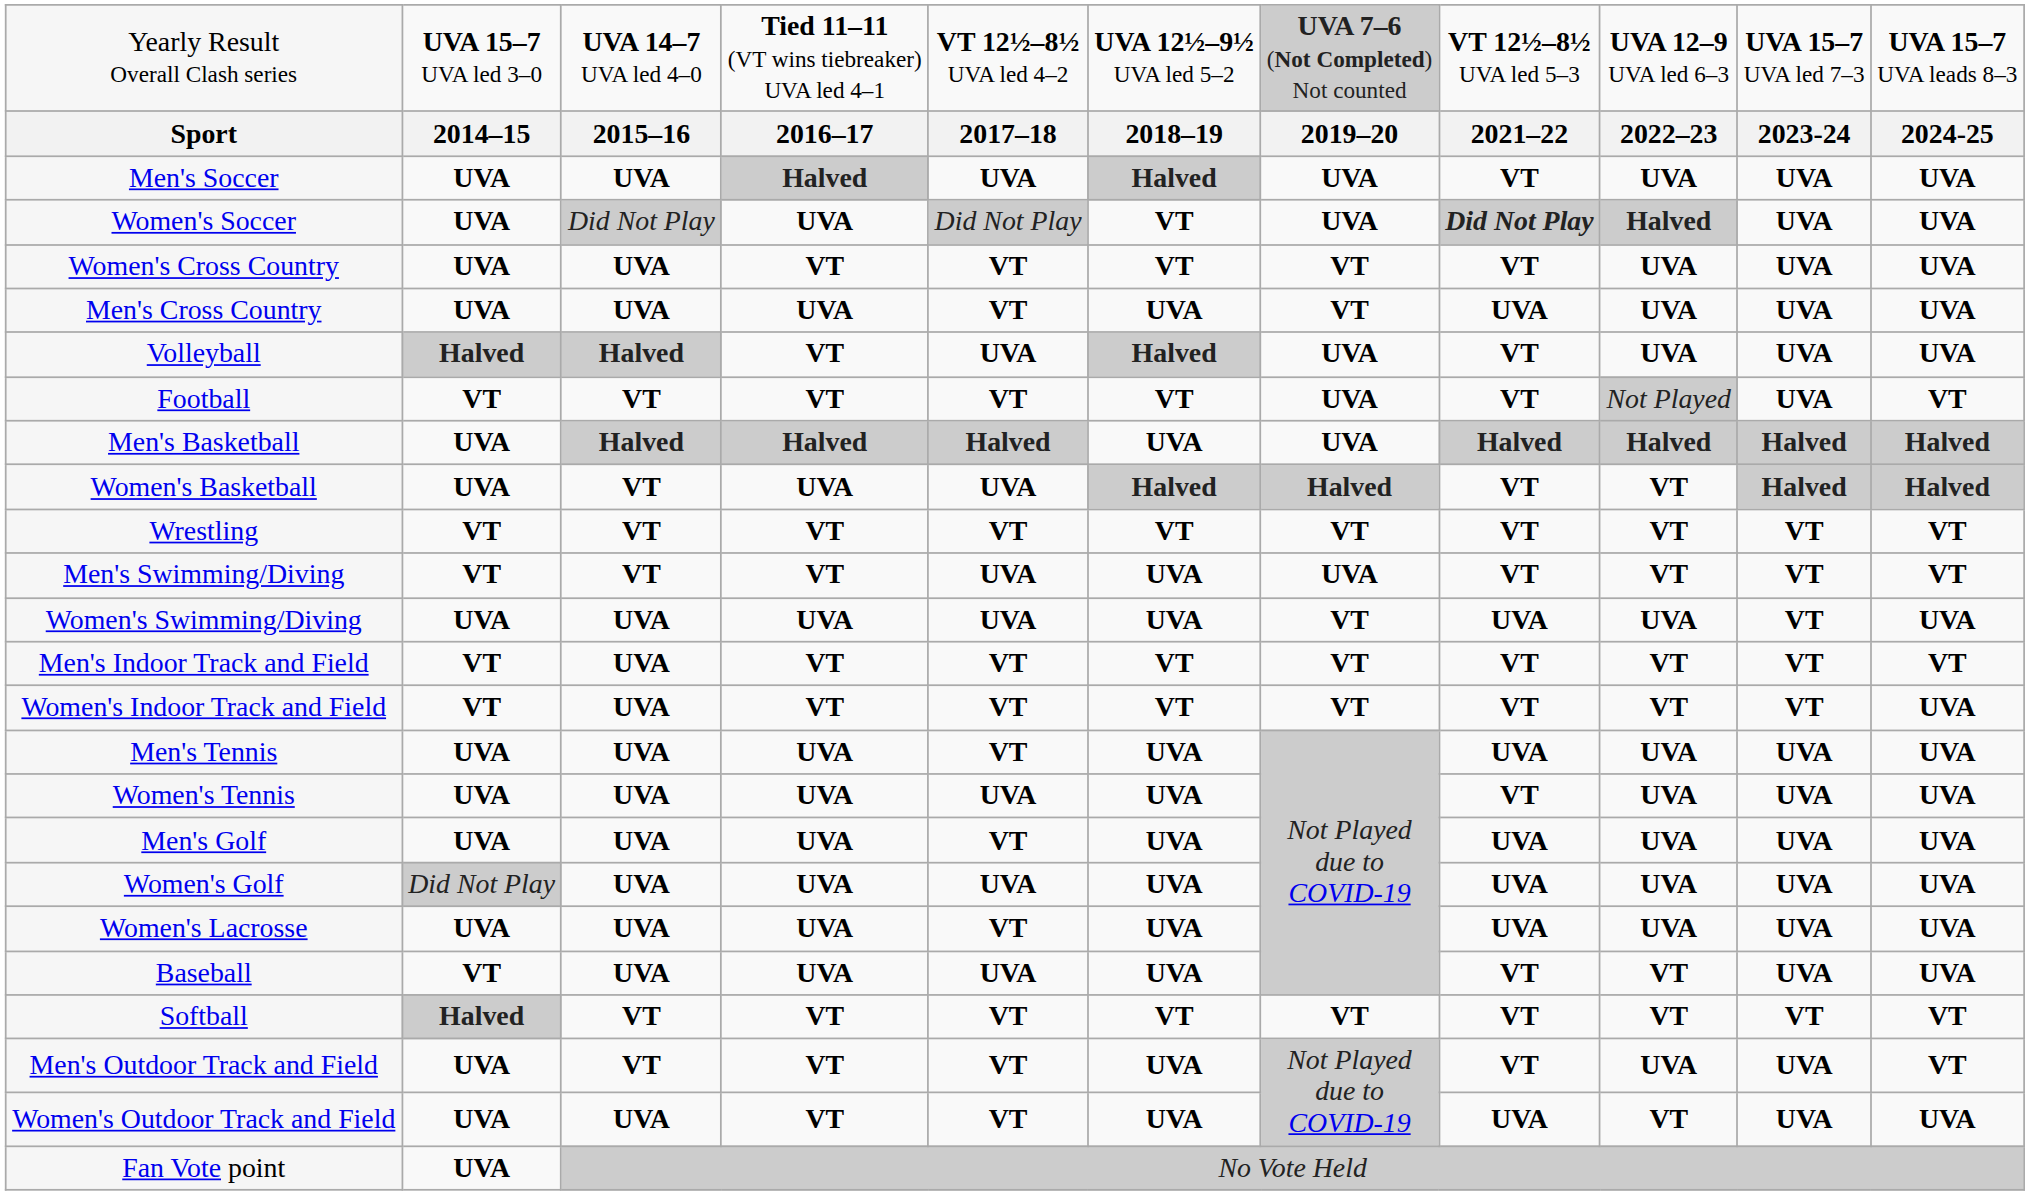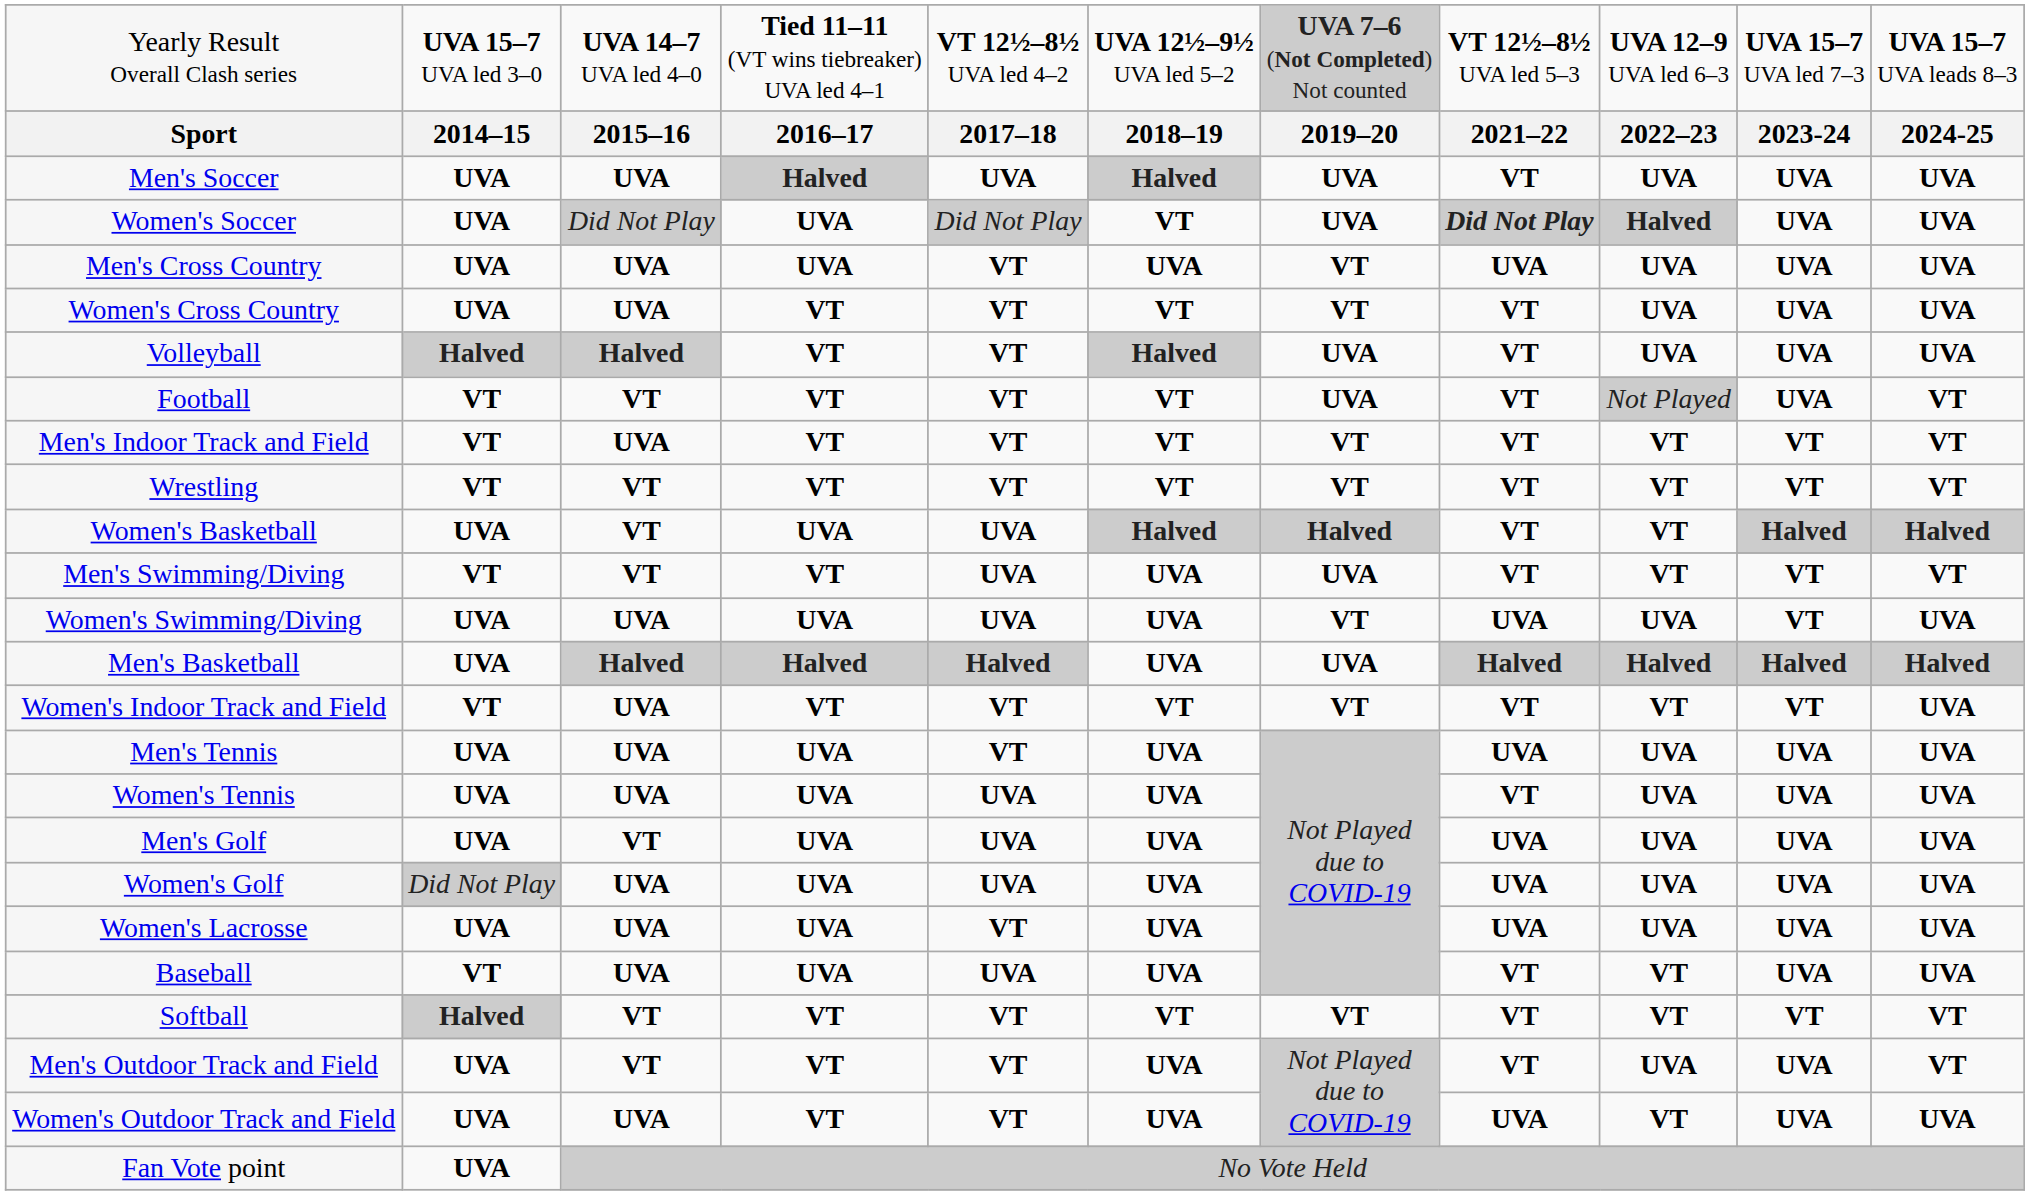 <table class="wikitable" style="margin-left: 1em; margin-bottom: 1em; text-align: center">
 <tr>
 <td style="background: #f6f6f6;">Yearly Result <br><small>Overall Clash series</small></td>
 <td><strong>UVA 15–7</strong><br><small>UVA led 3–0</small></td>
 <td><strong>UVA 14–7</strong><br><small>UVA led 4–0</small></td>
 <td><strong>Tied 11–11</strong><br><small>(VT wins tiebreaker)<br>UVA led 4–1</small></td>
 <td><strong>VT 12½–8½</strong><br><small>UVA led 4–2</small></td>
 <td><strong>UVA 12½–9½</strong><br><small>UVA led 5–2</small></td>
 <td style="background: #cccccc; color:#222"><strong>UVA 7–6</strong><br><small>(<strong>Not Completed</strong>)</small><br><small>Not counted</small></td>
 <td><strong>VT 12½–8½</strong><br><small>UVA led 5–3</small></td>
 <td><strong>UVA 12–9</strong><br><small>UVA led 6–3</small></td>
 <td><strong>UVA 15–7</strong><br><small>UVA led 7–3</small></td>
 <td><strong>UVA 15–7</strong><br><small>UVA leads 8–3</small></td>
 </tr>
 <tr>
 <th>Sport</th>
 <th>2014–15</th>
 <th>2015–16</th>
 <th>2016–17</th>
 <th>2017–18</th>
 <th>2018–19</th>
 <th>2019–20</th>
 <th>2021–22</th>
 <th>2022–23</th>
 <th>2023-24</th>
 <th>2024-25</th>
 </tr>
 <tr>
 <td style="background: #f6f6f6;"><a href='#'>Men's Soccer</a></td>
 <td><strong>UVA</strong></td>
 <td><strong>UVA</strong></td>
 <td style="background: #cccccc; color:#222222"><strong>Halved</strong></td>
 <td><strong>UVA</strong></td>
 <td style="background: #cccccc; color:#222222"><strong>Halved</strong></td>
 <td><strong>UVA</strong></td>
 <td><strong>VT</strong></td>
 <td><strong>UVA</strong></td>
 <td><strong>UVA</strong></td>
 <td><strong>UVA</strong></td>
 </tr>
 <tr>
 <td style="background: #f6f6f6;"><a href='#'>Women's Soccer</a></td>
 <td><strong>UVA</strong></td>
 <td style="background: #cccccc; color:#222"><em>Did Not Play</em></td>
 <td><strong>UVA</strong></td>
 <td style="background: #cccccc; color:#222"><em>Did Not Play</em></td>
 <td><strong>VT</strong></td>
 <td><strong>UVA</strong></td>
 <td style="background: #cccccc; color:#222"><strong><em>Did Not Play</em></strong></td>
 <td style="background: #cccccc; color:#222222"><strong>Halved</strong></td>
 <td><strong>UVA</strong></td>
 <td><strong>UVA</strong></td>
 </tr>
 <tr>
+<td style="background: #f6f6f6;"><a href='#'>Men's Cross Country</a></td>
+<td><strong>UVA</strong></td>
+<td><strong>UVA</strong></td>
+<td><strong>UVA</strong></td>
+<td><strong>VT</strong></td>
+<td><strong>UVA</strong></td>
+<td><strong>VT</strong></td>
+<td><strong>UVA</strong></td>
+<td><strong>UVA</strong></td>
+<td><strong>UVA</strong></td>
+<td><strong>UVA</strong></td>
+</tr>
+<tr>
 <td style="background: #f6f6f6;"><a href='#'>Women's Cross Country</a></td>
 <td><strong>UVA</strong></td>
 <td><strong>UVA</strong></td>
 <td><strong>VT</strong></td>
 <td><strong>VT</strong></td>
 <td><strong>VT</strong></td>
 <td><strong>VT</strong></td>
 <td><strong>VT</strong></td>
 <td><strong>UVA</strong></td>
 <td><strong>UVA</strong></td>
 <td><strong>UVA</strong></td>
 </tr>
 <tr>
-<td style="background: #f6f6f6;"><a href='#'>Men's Cross Country</a></td>
-<td><strong>UVA</strong></td>
-<td><strong>UVA</strong></td>
-<td><strong>UVA</strong></td>
-<td><strong>VT</strong></td>
-<td><strong>UVA</strong></td>
-<td><strong>VT</strong></td>
-<td><strong>UVA</strong></td>
-<td><strong>UVA</strong></td>
-<td><strong>UVA</strong></td>
-<td><strong>UVA</strong></td>
-</tr>
-<tr>
 <td style="background: #f6f6f6;"><a href='#'>Volleyball</a></td>
 <td style="background: #cccccc; color:#222222"><strong>Halved</strong></td>
 <td style="background: #cccccc; color:#222222"><strong>Halved</strong></td>
 <td><strong>VT</strong></td>
-<td><strong>UVA</strong></td>
+<td><strong>VT</strong></td>
 <td style="background: #cccccc; color:#222222"><strong>Halved</strong></td>
 <td><strong>UVA</strong></td>
 <td><strong>VT</strong></td>
 <td><strong>UVA</strong></td>
 <td><strong>UVA</strong></td>
 <td><strong>UVA</strong></td>
 </tr>
 <tr>
 <td style="background: #f6f6f6;"><a href='#'>Football</a></td>
 <td><strong>VT</strong></td>
 <td><strong>VT</strong></td>
 <td><strong>VT</strong></td>
 <td><strong>VT</strong></td>
 <td><strong>VT</strong></td>
 <td><strong>UVA</strong></td>
 <td><strong>VT</strong></td>
 <td style="background: #cccccc; color:#222222"><em>Not Played</em></td>
 <td><strong>UVA</strong></td>
 <td><strong>VT</strong></td>
 </tr>
 <tr>
-<td style="background: #f6f6f6;"><a href='#'>Men's Basketball</a></td>
+<td style="background: #f6f6f6;"><a href='#'>Men's Indoor Track and Field</a></td>
+<td><strong>VT</strong></td>
 <td><strong>UVA</strong></td>
-<td style="background: #cccccc; color:#222222"><strong>Halved</strong></td>
-<td style="background: #cccccc; color:#222222"><strong>Halved</strong></td>
-<td style="background: #cccccc; color:#222222"><strong>Halved</strong></td>
-<td><strong>UVA</strong></td>
-<td><strong>UVA</strong></td>
-<td style="background: #cccccc; color:#222222"><strong>Halved</strong></td>
-<td style="background: #cccccc; color:#222222"><strong>Halved</strong></td>
-<td style="background: #cccccc; color:#222222"><strong>Halved</strong></td>
-<td style="background: #cccccc; color:#222222"><strong>Halved</strong></td>
+<td><strong>VT</strong></td>
+<td><strong>VT</strong></td>
+<td><strong>VT</strong></td>
+<td><strong>VT</strong></td>
+<td><strong>VT</strong></td>
+<td><strong>VT</strong></td>
+<td><strong>VT</strong></td>
+<td><strong>VT</strong></td>
+</tr>
+<tr>
+<td style="background: #f6f6f6;"><a href='#'>Wrestling</a></td>
+<td><strong>VT</strong></td>
+<td><strong>VT</strong></td>
+<td><strong>VT</strong></td>
+<td><strong>VT</strong></td>
+<td><strong>VT</strong></td>
+<td><strong>VT</strong></td>
+<td><strong>VT</strong></td>
+<td><strong>VT</strong></td>
+<td><strong>VT</strong></td>
+<td><strong>VT</strong></td>
 </tr>
 <tr>
 <td style="background: #f6f6f6;"><a href='#'>Women's Basketball</a></td>
 <td><strong>UVA</strong></td>
 <td><strong>VT</strong></td>
 <td><strong>UVA</strong></td>
 <td><strong>UVA</strong></td>
 <td style="background: #cccccc; color:#222222"><strong>Halved</strong></td>
 <td style="background: #cccccc; color:#222222"><strong>Halved</strong></td>
 <td><strong>VT</strong></td>
 <td><strong>VT</strong></td>
 <td style="background: #cccccc; color:#222222"><strong>Halved</strong></td>
 <td style="background: #cccccc; color:#222222"><strong>Halved</strong></td>
-</tr>
-<tr>
-<td style="background: #f6f6f6;"><a href='#'>Wrestling</a></td>
-<td><strong>VT</strong></td>
-<td><strong>VT</strong></td>
-<td><strong>VT</strong></td>
-<td><strong>VT</strong></td>
-<td><strong>VT</strong></td>
-<td><strong>VT</strong></td>
-<td><strong>VT</strong></td>
-<td><strong>VT</strong></td>
-<td><strong>VT</strong></td>
-<td><strong>VT</strong></td>
 </tr>
 <tr>
 <td style="background: #f6f6f6;"><a href='#'>Men's Swimming/Diving</a></td>
 <td><strong>VT</strong></td>
 <td><strong>VT</strong></td>
 <td><strong>VT</strong></td>
 <td><strong>UVA</strong></td>
 <td><strong>UVA</strong></td>
 <td><strong>UVA</strong></td>
 <td><strong>VT</strong></td>
 <td><strong>VT</strong></td>
 <td><strong>VT</strong></td>
 <td><strong>VT</strong></td>
 </tr>
 <tr>
 <td style="background: #f6f6f6;"><a href='#'>Women's Swimming/Diving</a></td>
 <td><strong>UVA</strong></td>
 <td><strong>UVA</strong></td>
 <td><strong>UVA</strong></td>
 <td><strong>UVA</strong></td>
 <td><strong>UVA</strong></td>
 <td><strong>VT</strong></td>
 <td><strong>UVA</strong></td>
 <td><strong>UVA</strong></td>
 <td><strong>VT</strong></td>
 <td><strong>UVA</strong></td>
 </tr>
 <tr>
-<td style="background: #f6f6f6;"><a href='#'>Men's Indoor Track and Field</a></td>
-<td><strong>VT</strong></td>
+<td style="background: #f6f6f6;"><a href='#'>Men's Basketball</a></td>
 <td><strong>UVA</strong></td>
-<td><strong>VT</strong></td>
-<td><strong>VT</strong></td>
-<td><strong>VT</strong></td>
-<td><strong>VT</strong></td>
-<td><strong>VT</strong></td>
-<td><strong>VT</strong></td>
-<td><strong>VT</strong></td>
-<td><strong>VT</strong></td>
+<td style="background: #cccccc; color:#222222"><strong>Halved</strong></td>
+<td style="background: #cccccc; color:#222222"><strong>Halved</strong></td>
+<td style="background: #cccccc; color:#222222"><strong>Halved</strong></td>
+<td><strong>UVA</strong></td>
+<td><strong>UVA</strong></td>
+<td style="background: #cccccc; color:#222222"><strong>Halved</strong></td>
+<td style="background: #cccccc; color:#222222"><strong>Halved</strong></td>
+<td style="background: #cccccc; color:#222222"><strong>Halved</strong></td>
+<td style="background: #cccccc; color:#222222"><strong>Halved</strong></td>
 </tr>
 <tr>
 <td style="background: #f6f6f6;"><a href='#'>Women's Indoor Track and Field</a></td>
 <td><strong>VT</strong></td>
 <td><strong>UVA</strong></td>
 <td><strong>VT</strong></td>
 <td><strong>VT</strong></td>
 <td><strong>VT</strong></td>
 <td><strong>VT</strong></td>
 <td><strong>VT</strong></td>
 <td><strong>VT</strong></td>
 <td><strong>VT</strong></td>
 <td><strong>UVA</strong></td>
 </tr>
 <tr>
 <td style="background: #f6f6f6;"><a href='#'>Men's Tennis</a></td>
 <td><strong>UVA</strong></td>
 <td><strong>UVA</strong></td>
 <td><strong>UVA</strong></td>
 <td><strong>VT</strong></td>
 <td><strong>UVA</strong></td>
 <td rowspan = 6 style="background: #cccccc; color:#222"><em>Not Played<br>due to<br><a href='#'>COVID-19</a></em></td>
 <td><strong>UVA</strong></td>
 <td><strong>UVA</strong></td>
 <td><strong>UVA</strong></td>
 <td><strong>UVA</strong></td>
 </tr>
 <tr>
 <td style="background: #f6f6f6;"><a href='#'>Women's Tennis</a></td>
 <td><strong>UVA</strong></td>
 <td><strong>UVA</strong></td>
 <td><strong>UVA</strong></td>
 <td><strong>UVA</strong></td>
 <td><strong>UVA</strong></td>
 <td><strong>VT</strong></td>
 <td><strong>UVA</strong></td>
 <td><strong>UVA</strong></td>
 <td><strong>UVA</strong></td>
 </tr>
 <tr>
 <td style="background: #f6f6f6;"><a href='#'>Men's Golf</a></td>
 <td><strong>UVA</strong></td>
+<td><strong>VT</strong></td>
 <td><strong>UVA</strong></td>
 <td><strong>UVA</strong></td>
-<td><strong>VT</strong></td>
 <td><strong>UVA</strong></td>
 <td><strong>UVA</strong></td>
 <td><strong>UVA</strong></td>
 <td><strong>UVA</strong></td>
 <td><strong>UVA</strong></td>
 </tr>
 <tr>
 <td style="background: #f6f6f6;"><a href='#'>Women's Golf</a></td>
 <td style="background: #cccccc; color:#222"><em>Did Not Play</em></td>
 <td><strong>UVA</strong></td>
 <td><strong>UVA</strong></td>
 <td><strong>UVA</strong></td>
 <td><strong>UVA</strong></td>
 <td><strong>UVA</strong></td>
 <td><strong>UVA</strong></td>
 <td><strong>UVA</strong></td>
 <td><strong>UVA</strong></td>
 </tr>
 <tr>
 <td style="background: #f6f6f6;"><a href='#'>Women's Lacrosse</a></td>
 <td><strong>UVA</strong></td>
 <td><strong>UVA</strong></td>
 <td><strong>UVA</strong></td>
 <td><strong>VT</strong></td>
 <td><strong>UVA</strong></td>
 <td><strong>UVA</strong></td>
 <td><strong>UVA</strong></td>
 <td><strong>UVA</strong></td>
 <td><strong>UVA</strong></td>
 </tr>
 <tr>
 <td style="background: #f6f6f6;"><a href='#'>Baseball</a></td>
 <td><strong>VT</strong></td>
 <td><strong>UVA</strong></td>
 <td><strong>UVA</strong></td>
 <td><strong>UVA</strong></td>
 <td><strong>UVA</strong></td>
 <td><strong>VT</strong></td>
 <td><strong>VT</strong></td>
 <td><strong>UVA</strong></td>
 <td><strong>UVA</strong></td>
 </tr>
 <tr>
 <td style="background: #f6f6f6;"><a href='#'>Softball</a></td>
 <td style="background: #cccccc; color:#222222"><strong>Halved</strong></td>
 <td><strong>VT</strong></td>
 <td><strong>VT</strong></td>
 <td><strong>VT</strong></td>
 <td><strong>VT</strong></td>
 <td><strong>VT</strong></td>
 <td><strong>VT</strong></td>
 <td><strong>VT</strong></td>
 <td><strong>VT</strong></td>
 <td><strong>VT</strong></td>
 </tr>
 <tr>
 <td style="background: #f6f6f6;"><a href='#'>Men's Outdoor Track and Field</a></td>
 <td><strong>UVA</strong></td>
 <td><strong>VT</strong></td>
 <td><strong>VT</strong></td>
 <td><strong>VT</strong></td>
 <td><strong>UVA</strong></td>
 <td rowspan = 2 style="background: #cccccc; color:#222"><em>Not Played<br>due to<br><a href='#'>COVID-19</a></em></td>
 <td><strong>VT</strong></td>
 <td><strong>UVA</strong></td>
 <td><strong>UVA</strong></td>
 <td><strong>VT</strong></td>
 </tr>
 <tr>
 <td style="background: #f6f6f6;"><a href='#'>Women's Outdoor Track and Field</a></td>
 <td><strong>UVA</strong></td>
 <td><strong>UVA</strong></td>
 <td><strong>VT</strong></td>
 <td><strong>VT</strong></td>
 <td><strong>UVA</strong></td>
 <td><strong>UVA</strong></td>
 <td><strong>VT</strong></td>
 <td><strong>UVA</strong></td>
 <td><strong>UVA</strong></td>
 </tr>
 <tr>
 <td style="background: #f6f6f6;"><a href='#'>Fan Vote</a> point</td>
 <td><strong>UVA</strong></td>
 <td colspan = 9 style="background: #cccccc; color:#222222"><em>No Vote Held</em></td>
 </tr>
 </table>
